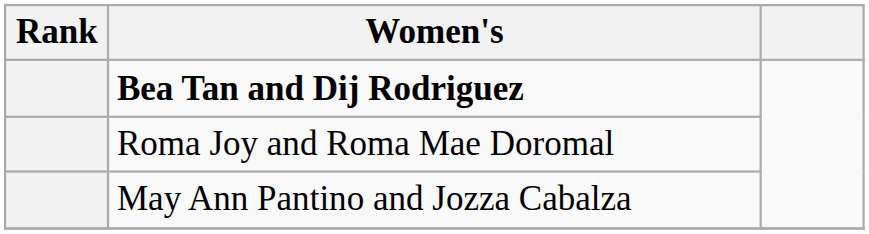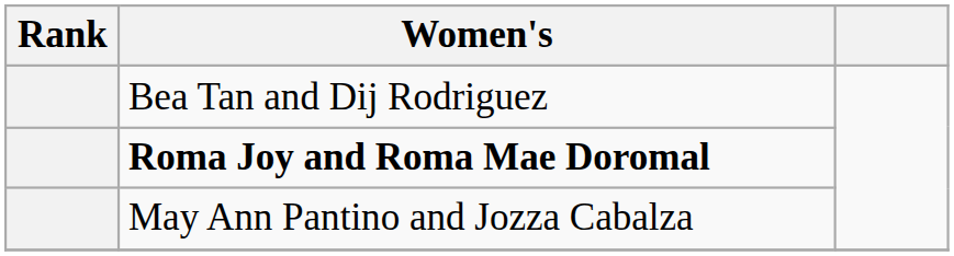 <table class="wikitable" style="text-align: center;">
 <tr>
 <th width=40>Rank</th>
 <th width=290>Women's</th>
 <th width=40></th>
 </tr>
 <tr>
 <th></th>
-<td style="text-align:left;"><strong>Bea Tan and Dij Rodriguez </strong></td>
+<td style="text-align:left;">Bea Tan and Dij Rodriguez </td>
 <td rowspan=3></td>
 </tr>
 <tr>
 <th></th>
-<td style="text-align:left;">Roma Joy and Roma Mae Doromal </td>
+<td style="text-align:left;"><strong>Roma Joy and Roma Mae Doromal </strong></td>
 </tr>
 <tr>
 <th></th>
 <td style="text-align:left;">May Ann Pantino and Jozza Cabalza </td>
 </tr>
 <tr>
 </tr>
 </table>
